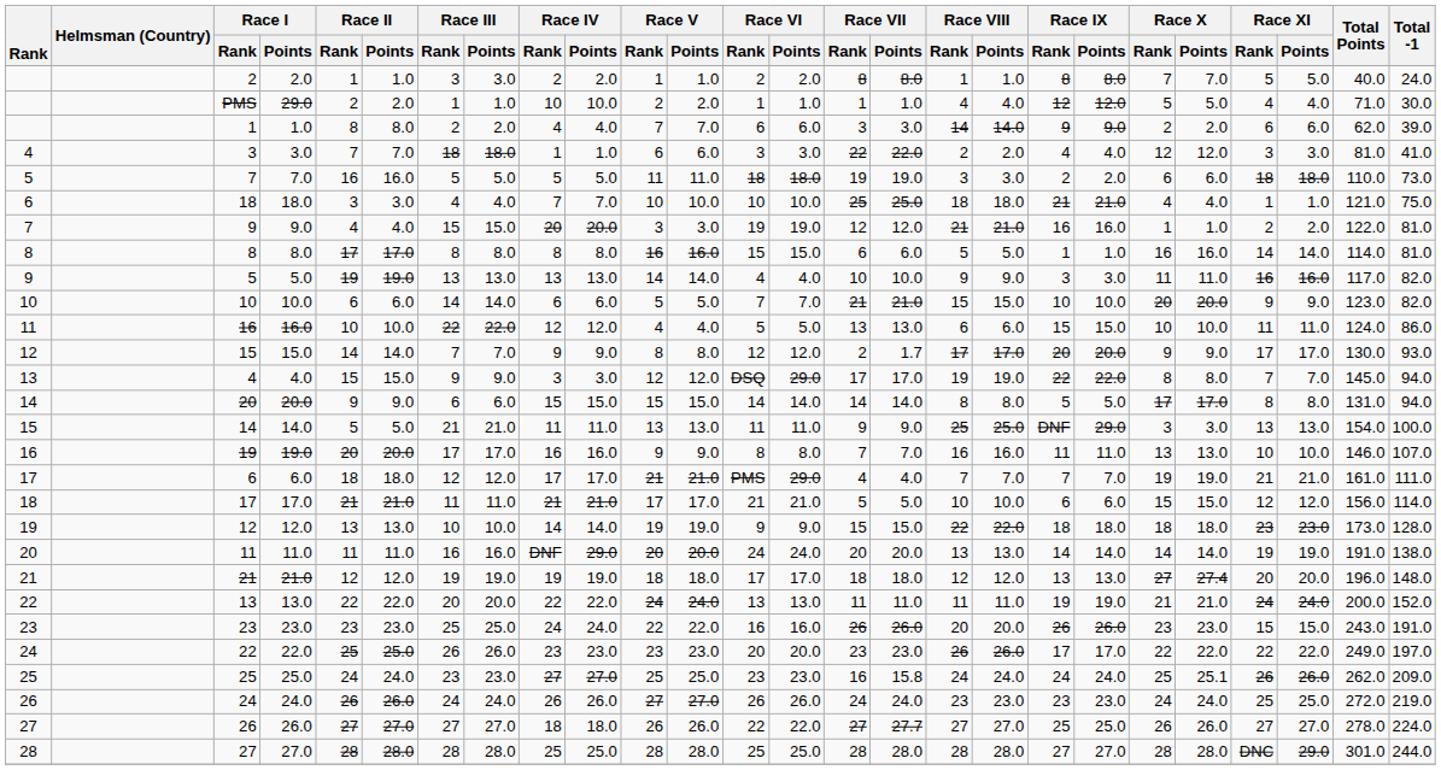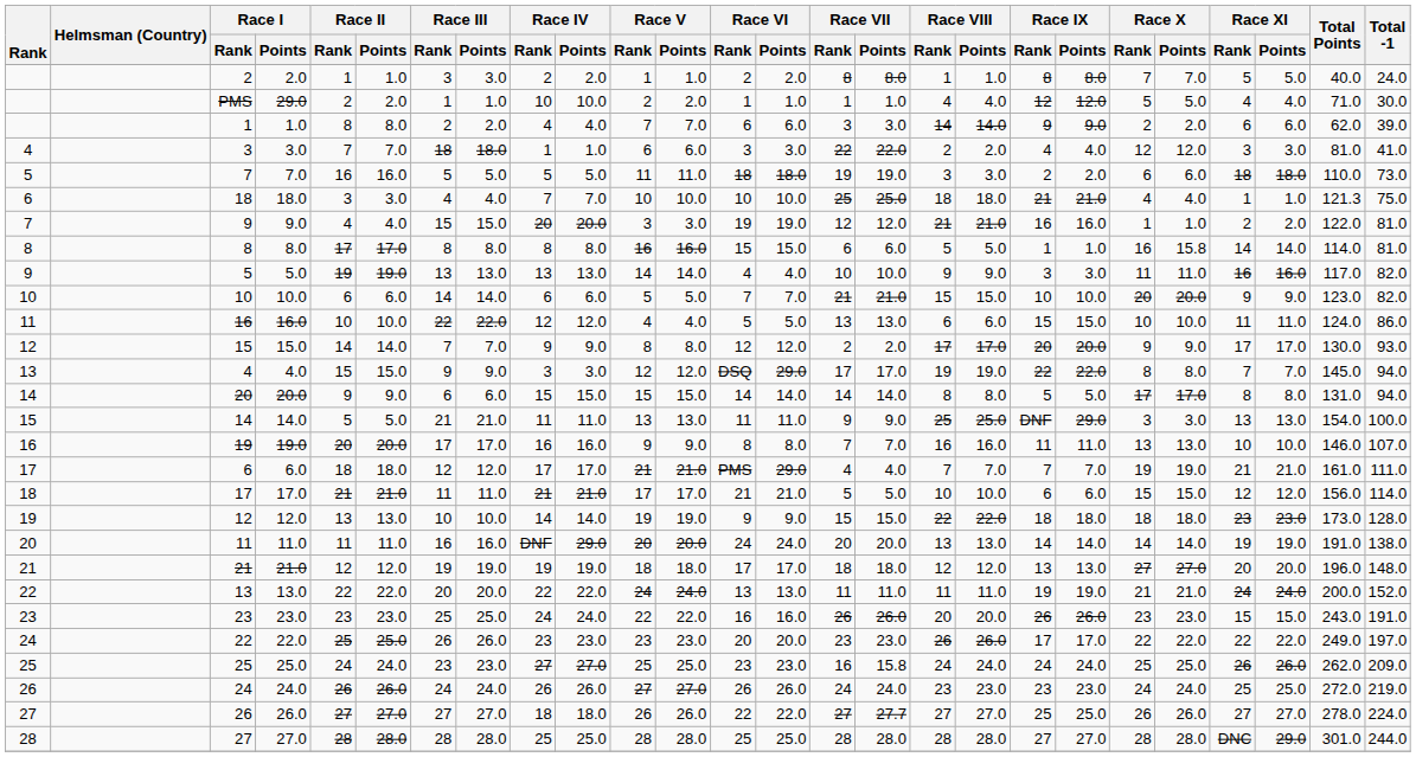 <table class="wikitable" style="text-align:right; font-size:90%">
 <tr>
 <th rowspan="2"> <br> <br>Rank</th>
 <th rowspan="2">Helmsman (Country)</th>
 <th colspan="2">Race I</th>
 <th colspan="2">Race II</th>
 <th colspan="2">Race III</th>
 <th colspan="2">Race IV</th>
 <th colspan="2">Race V</th>
 <th colspan="2">Race VI</th>
 <th colspan="2">Race VII</th>
 <th colspan="2">Race VIII</th>
 <th colspan="2">Race IX</th>
 <th colspan="2">Race X</th>
 <th colspan="2">Race XI</th>
 <th rowspan="2">Total <br>Points <br></th>
 <th rowspan="2">Total<br>-1<br></th>
 </tr>
 <tr>
 <th>Rank</th>
 <th>Points</th>
 <th>Rank</th>
 <th>Points</th>
 <th>Rank</th>
 <th>Points</th>
 <th>Rank</th>
 <th>Points</th>
 <th>Rank</th>
 <th>Points</th>
 <th>Rank</th>
 <th>Points</th>
 <th>Rank</th>
 <th>Points</th>
 <th>Rank</th>
 <th>Points</th>
 <th>Rank</th>
 <th>Points</th>
 <th>Rank</th>
 <th>Points</th>
 <th>Rank</th>
 <th>Points</th>
 </tr>
 <tr style="vertical-align:top;">
 </tr>
 <tr>
 <td align=center></td>
 <td align=left></td>
 <td>2</td>
 <td>2.0</td>
 <td>1</td>
 <td>1.0</td>
 <td>3</td>
 <td>3.0</td>
 <td>2</td>
 <td>2.0</td>
 <td>1</td>
 <td>1.0</td>
 <td>2</td>
 <td>2.0</td>
 <td><s>8</s></td>
 <td><s>8.0</s></td>
 <td>1</td>
 <td>1.0</td>
 <td><s>8</s></td>
 <td><s>8.0</s></td>
 <td>7</td>
 <td>7.0</td>
 <td>5</td>
 <td>5.0</td>
 <td>40.0</td>
 <td>24.0</td>
 </tr>
 <tr>
 <td align=center></td>
 <td align=left></td>
 <td><s>PMS</s></td>
 <td><s>29.0</s></td>
 <td>2</td>
 <td>2.0</td>
 <td>1</td>
 <td>1.0</td>
 <td>10</td>
 <td>10.0</td>
 <td>2</td>
 <td>2.0</td>
 <td>1</td>
 <td>1.0</td>
 <td>1</td>
 <td>1.0</td>
 <td>4</td>
 <td>4.0</td>
 <td><s>12</s></td>
 <td><s>12.0</s></td>
 <td>5</td>
 <td>5.0</td>
 <td>4</td>
 <td>4.0</td>
 <td>71.0</td>
 <td>30.0</td>
 </tr>
 <tr>
 <td align=center></td>
 <td align=left></td>
 <td>1</td>
 <td>1.0</td>
 <td>8</td>
 <td>8.0</td>
 <td>2</td>
 <td>2.0</td>
 <td>4</td>
 <td>4.0</td>
 <td>7</td>
 <td>7.0</td>
 <td>6</td>
 <td>6.0</td>
 <td>3</td>
 <td>3.0</td>
 <td><s>14</s></td>
 <td><s>14.0</s></td>
 <td><s>9</s></td>
 <td><s>9.0</s></td>
 <td>2</td>
 <td>2.0</td>
 <td>6</td>
 <td>6.0</td>
 <td>62.0</td>
 <td>39.0</td>
 </tr>
 <tr>
 <td align=center>4</td>
 <td align=left></td>
 <td>3</td>
 <td>3.0</td>
 <td>7</td>
 <td>7.0</td>
 <td><s>18</s></td>
 <td><s>18.0</s></td>
 <td>1</td>
 <td>1.0</td>
 <td>6</td>
 <td>6.0</td>
 <td>3</td>
 <td>3.0</td>
 <td><s>22</s></td>
 <td><s>22.0</s></td>
 <td>2</td>
 <td>2.0</td>
 <td>4</td>
 <td>4.0</td>
 <td>12</td>
 <td>12.0</td>
 <td>3</td>
 <td>3.0</td>
 <td>81.0</td>
 <td>41.0</td>
 </tr>
 <tr>
 <td align=center>5</td>
 <td align=left></td>
 <td>7</td>
 <td>7.0</td>
 <td>16</td>
 <td>16.0</td>
 <td>5</td>
 <td>5.0</td>
 <td>5</td>
 <td>5.0</td>
 <td>11</td>
 <td>11.0</td>
 <td><s>18</s></td>
 <td><s>18.0</s></td>
 <td>19</td>
 <td>19.0</td>
 <td>3</td>
 <td>3.0</td>
 <td>2</td>
 <td>2.0</td>
 <td>6</td>
 <td>6.0</td>
 <td><s>18</s></td>
 <td><s>18.0</s></td>
 <td>110.0</td>
 <td>73.0</td>
 </tr>
 <tr>
 <td align=center>6</td>
 <td align=left></td>
 <td>18</td>
 <td>18.0</td>
 <td>3</td>
 <td>3.0</td>
 <td>4</td>
 <td>4.0</td>
 <td>7</td>
 <td>7.0</td>
 <td>10</td>
 <td>10.0</td>
 <td>10</td>
 <td>10.0</td>
 <td><s>25</s></td>
 <td><s>25.0</s></td>
 <td>18</td>
 <td>18.0</td>
 <td><s>21</s></td>
 <td><s>21.0</s></td>
 <td>4</td>
 <td>4.0</td>
 <td>1</td>
 <td>1.0</td>
-<td>121.0</td>
+<td>121.3</td>
 <td>75.0</td>
 </tr>
 <tr>
 <td align=center>7</td>
 <td align=left></td>
 <td>9</td>
 <td>9.0</td>
 <td>4</td>
 <td>4.0</td>
 <td>15</td>
 <td>15.0</td>
 <td><s>20</s></td>
 <td><s>20.0</s></td>
 <td>3</td>
 <td>3.0</td>
 <td>19</td>
 <td>19.0</td>
 <td>12</td>
 <td>12.0</td>
 <td><s>21</s></td>
 <td><s>21.0</s></td>
 <td>16</td>
 <td>16.0</td>
 <td>1</td>
 <td>1.0</td>
 <td>2</td>
 <td>2.0</td>
 <td>122.0</td>
 <td>81.0</td>
 </tr>
 <tr>
 <td align=center>8</td>
 <td align=left></td>
 <td>8</td>
 <td>8.0</td>
 <td><s>17</s></td>
 <td><s>17.0</s></td>
 <td>8</td>
 <td>8.0</td>
 <td>8</td>
 <td>8.0</td>
 <td><s>16</s></td>
 <td><s>16.0</s></td>
 <td>15</td>
 <td>15.0</td>
 <td>6</td>
 <td>6.0</td>
 <td>5</td>
 <td>5.0</td>
 <td>1</td>
 <td>1.0</td>
 <td>16</td>
-<td>16.0</td>
+<td>15.8</td>
 <td>14</td>
 <td>14.0</td>
 <td>114.0</td>
 <td>81.0</td>
 </tr>
 <tr>
 <td align=center>9</td>
 <td align=left></td>
 <td>5</td>
 <td>5.0</td>
 <td><s>19</s></td>
 <td><s>19.0</s></td>
 <td>13</td>
 <td>13.0</td>
 <td>13</td>
 <td>13.0</td>
 <td>14</td>
 <td>14.0</td>
 <td>4</td>
 <td>4.0</td>
 <td>10</td>
 <td>10.0</td>
 <td>9</td>
 <td>9.0</td>
 <td>3</td>
 <td>3.0</td>
 <td>11</td>
 <td>11.0</td>
 <td><s>16</s></td>
 <td><s>16.0</s></td>
 <td>117.0</td>
 <td>82.0</td>
 </tr>
 <tr>
 <td align=center>10</td>
 <td align=left></td>
 <td>10</td>
 <td>10.0</td>
 <td>6</td>
 <td>6.0</td>
 <td>14</td>
 <td>14.0</td>
 <td>6</td>
 <td>6.0</td>
 <td>5</td>
 <td>5.0</td>
 <td>7</td>
 <td>7.0</td>
 <td><s>21</s></td>
 <td><s>21.0</s></td>
 <td>15</td>
 <td>15.0</td>
 <td>10</td>
 <td>10.0</td>
 <td><s>20</s></td>
 <td><s>20.0</s></td>
 <td>9</td>
 <td>9.0</td>
 <td>123.0</td>
 <td>82.0</td>
 </tr>
 <tr>
 <td align=center>11</td>
 <td align=left></td>
 <td><s>16</s></td>
 <td><s>16.0</s></td>
 <td>10</td>
 <td>10.0</td>
 <td><s>22</s></td>
 <td><s>22.0</s></td>
 <td>12</td>
 <td>12.0</td>
 <td>4</td>
 <td>4.0</td>
 <td>5</td>
 <td>5.0</td>
 <td>13</td>
 <td>13.0</td>
 <td>6</td>
 <td>6.0</td>
 <td>15</td>
 <td>15.0</td>
 <td>10</td>
 <td>10.0</td>
 <td>11</td>
 <td>11.0</td>
 <td>124.0</td>
 <td>86.0</td>
 </tr>
 <tr>
 <td align=center>12</td>
 <td align=left></td>
 <td>15</td>
 <td>15.0</td>
 <td>14</td>
 <td>14.0</td>
 <td>7</td>
 <td>7.0</td>
 <td>9</td>
 <td>9.0</td>
 <td>8</td>
 <td>8.0</td>
 <td>12</td>
 <td>12.0</td>
 <td>2</td>
-<td>1.7</td>
+<td>2.0</td>
 <td><s>17</s></td>
 <td><s>17.0</s></td>
 <td><s>20</s></td>
 <td><s>20.0</s></td>
 <td>9</td>
 <td>9.0</td>
 <td>17</td>
 <td>17.0</td>
 <td>130.0</td>
 <td>93.0</td>
 </tr>
 <tr>
 <td align=center>13</td>
 <td align=left></td>
 <td>4</td>
 <td>4.0</td>
 <td>15</td>
 <td>15.0</td>
 <td>9</td>
 <td>9.0</td>
 <td>3</td>
 <td>3.0</td>
 <td>12</td>
 <td>12.0</td>
 <td><s>DSQ</s></td>
 <td><s>29.0</s></td>
 <td>17</td>
 <td>17.0</td>
 <td>19</td>
 <td>19.0</td>
 <td><s>22</s></td>
 <td><s>22.0</s></td>
 <td>8</td>
 <td>8.0</td>
 <td>7</td>
 <td>7.0</td>
 <td>145.0</td>
 <td>94.0</td>
 </tr>
 <tr>
 <td align=center>14</td>
 <td align=left></td>
 <td><s>20</s></td>
 <td><s>20.0</s></td>
 <td>9</td>
 <td>9.0</td>
 <td>6</td>
 <td>6.0</td>
 <td>15</td>
 <td>15.0</td>
 <td>15</td>
 <td>15.0</td>
 <td>14</td>
 <td>14.0</td>
 <td>14</td>
 <td>14.0</td>
 <td>8</td>
 <td>8.0</td>
 <td>5</td>
 <td>5.0</td>
 <td><s>17</s></td>
 <td><s>17.0</s></td>
 <td>8</td>
 <td>8.0</td>
 <td>131.0</td>
 <td>94.0</td>
 </tr>
 <tr>
 <td align=center>15</td>
 <td align=left></td>
 <td>14</td>
 <td>14.0</td>
 <td>5</td>
 <td>5.0</td>
 <td>21</td>
 <td>21.0</td>
 <td>11</td>
 <td>11.0</td>
 <td>13</td>
 <td>13.0</td>
 <td>11</td>
 <td>11.0</td>
 <td>9</td>
 <td>9.0</td>
 <td><s>25</s></td>
 <td><s>25.0</s></td>
 <td><s>DNF</s></td>
 <td><s>29.0</s></td>
 <td>3</td>
 <td>3.0</td>
 <td>13</td>
 <td>13.0</td>
 <td>154.0</td>
 <td>100.0</td>
 </tr>
 <tr>
 <td align=center>16</td>
 <td align=left></td>
 <td><s>19</s></td>
 <td><s>19.0</s></td>
 <td><s>20</s></td>
 <td><s>20.0</s></td>
 <td>17</td>
 <td>17.0</td>
 <td>16</td>
 <td>16.0</td>
 <td>9</td>
 <td>9.0</td>
 <td>8</td>
 <td>8.0</td>
 <td>7</td>
 <td>7.0</td>
 <td>16</td>
 <td>16.0</td>
 <td>11</td>
 <td>11.0</td>
 <td>13</td>
 <td>13.0</td>
 <td>10</td>
 <td>10.0</td>
 <td>146.0</td>
 <td>107.0</td>
 </tr>
 <tr>
 <td align=center>17</td>
 <td align=left></td>
 <td>6</td>
 <td>6.0</td>
 <td>18</td>
 <td>18.0</td>
 <td>12</td>
 <td>12.0</td>
 <td>17</td>
 <td>17.0</td>
 <td><s>21</s></td>
 <td><s>21.0</s></td>
 <td><s>PMS</s></td>
 <td><s>29.0</s></td>
 <td>4</td>
 <td>4.0</td>
 <td>7</td>
 <td>7.0</td>
 <td>7</td>
 <td>7.0</td>
 <td>19</td>
 <td>19.0</td>
 <td>21</td>
 <td>21.0</td>
 <td>161.0</td>
 <td>111.0</td>
 </tr>
 <tr>
 <td align=center>18</td>
 <td align=left></td>
 <td>17</td>
 <td>17.0</td>
 <td><s>21</s></td>
 <td><s>21.0</s></td>
 <td>11</td>
 <td>11.0</td>
 <td><s>21</s></td>
 <td><s>21.0</s></td>
 <td>17</td>
 <td>17.0</td>
 <td>21</td>
 <td>21.0</td>
 <td>5</td>
 <td>5.0</td>
 <td>10</td>
 <td>10.0</td>
 <td>6</td>
 <td>6.0</td>
 <td>15</td>
 <td>15.0</td>
 <td>12</td>
 <td>12.0</td>
 <td>156.0</td>
 <td>114.0</td>
 </tr>
 <tr>
 <td align=center>19</td>
 <td align=left></td>
 <td>12</td>
 <td>12.0</td>
 <td>13</td>
 <td>13.0</td>
 <td>10</td>
 <td>10.0</td>
 <td>14</td>
 <td>14.0</td>
 <td>19</td>
 <td>19.0</td>
 <td>9</td>
 <td>9.0</td>
 <td>15</td>
 <td>15.0</td>
 <td><s>22</s></td>
 <td><s>22.0</s></td>
 <td>18</td>
 <td>18.0</td>
 <td>18</td>
 <td>18.0</td>
 <td><s>23</s></td>
 <td><s>23.0</s></td>
 <td>173.0</td>
 <td>128.0</td>
 </tr>
 <tr>
 <td align=center>20</td>
 <td align=left></td>
 <td>11</td>
 <td>11.0</td>
 <td>11</td>
 <td>11.0</td>
 <td>16</td>
 <td>16.0</td>
 <td><s>DNF</s></td>
 <td><s>29.0</s></td>
 <td><s>20</s></td>
 <td><s>20.0</s></td>
 <td>24</td>
 <td>24.0</td>
 <td>20</td>
 <td>20.0</td>
 <td>13</td>
 <td>13.0</td>
 <td>14</td>
 <td>14.0</td>
 <td>14</td>
 <td>14.0</td>
 <td>19</td>
 <td>19.0</td>
 <td>191.0</td>
 <td>138.0</td>
 </tr>
 <tr>
 <td align=center>21</td>
 <td align=left></td>
 <td><s>21</s></td>
 <td><s>21.0</s></td>
 <td>12</td>
 <td>12.0</td>
 <td>19</td>
 <td>19.0</td>
 <td>19</td>
 <td>19.0</td>
 <td>18</td>
 <td>18.0</td>
 <td>17</td>
 <td>17.0</td>
 <td>18</td>
 <td>18.0</td>
 <td>12</td>
 <td>12.0</td>
 <td>13</td>
 <td>13.0</td>
 <td><s>27</s></td>
-<td><s>27.4</s></td>
+<td><s>27.0</s></td>
 <td>20</td>
 <td>20.0</td>
 <td>196.0</td>
 <td>148.0</td>
 </tr>
 <tr>
 <td align=center>22</td>
 <td align=left></td>
 <td>13</td>
 <td>13.0</td>
 <td>22</td>
 <td>22.0</td>
 <td>20</td>
 <td>20.0</td>
 <td>22</td>
 <td>22.0</td>
 <td><s>24</s></td>
 <td><s>24.0</s></td>
 <td>13</td>
 <td>13.0</td>
 <td>11</td>
 <td>11.0</td>
 <td>11</td>
 <td>11.0</td>
 <td>19</td>
 <td>19.0</td>
 <td>21</td>
 <td>21.0</td>
 <td><s>24</s></td>
 <td><s>24.0</s></td>
 <td>200.0</td>
 <td>152.0</td>
 </tr>
 <tr>
 <td align=center>23</td>
 <td align=left></td>
 <td>23</td>
 <td>23.0</td>
 <td>23</td>
 <td>23.0</td>
 <td>25</td>
 <td>25.0</td>
 <td>24</td>
 <td>24.0</td>
 <td>22</td>
 <td>22.0</td>
 <td>16</td>
 <td>16.0</td>
 <td><s>26</s></td>
 <td><s>26.0</s></td>
 <td>20</td>
 <td>20.0</td>
 <td><s>26</s></td>
 <td><s>26.0</s></td>
 <td>23</td>
 <td>23.0</td>
 <td>15</td>
 <td>15.0</td>
 <td>243.0</td>
 <td>191.0</td>
 </tr>
 <tr>
 <td align=center>24</td>
 <td align=left></td>
 <td>22</td>
 <td>22.0</td>
 <td><s>25</s></td>
 <td><s>25.0</s></td>
 <td>26</td>
 <td>26.0</td>
 <td>23</td>
 <td>23.0</td>
 <td>23</td>
 <td>23.0</td>
 <td>20</td>
 <td>20.0</td>
 <td>23</td>
 <td>23.0</td>
 <td><s>26</s></td>
 <td><s>26.0</s></td>
 <td>17</td>
 <td>17.0</td>
 <td>22</td>
 <td>22.0</td>
 <td>22</td>
 <td>22.0</td>
 <td>249.0</td>
 <td>197.0</td>
 </tr>
 <tr>
 <td align=center>25</td>
 <td align=left></td>
 <td>25</td>
 <td>25.0</td>
 <td>24</td>
 <td>24.0</td>
 <td>23</td>
 <td>23.0</td>
 <td><s>27</s></td>
 <td><s>27.0</s></td>
 <td>25</td>
 <td>25.0</td>
 <td>23</td>
 <td>23.0</td>
 <td>16</td>
 <td>15.8</td>
 <td>24</td>
 <td>24.0</td>
 <td>24</td>
 <td>24.0</td>
 <td>25</td>
-<td>25.1</td>
+<td>25.0</td>
 <td><s>26</s></td>
 <td><s>26.0</s></td>
 <td>262.0</td>
 <td>209.0</td>
 </tr>
 <tr>
 <td align=center>26</td>
 <td align=left></td>
 <td>24</td>
 <td>24.0</td>
 <td><s>26</s></td>
 <td><s>26.0</s></td>
 <td>24</td>
 <td>24.0</td>
 <td>26</td>
 <td>26.0</td>
 <td><s>27</s></td>
 <td><s>27.0</s></td>
 <td>26</td>
 <td>26.0</td>
 <td>24</td>
 <td>24.0</td>
 <td>23</td>
 <td>23.0</td>
 <td>23</td>
 <td>23.0</td>
 <td>24</td>
 <td>24.0</td>
 <td>25</td>
 <td>25.0</td>
 <td>272.0</td>
 <td>219.0</td>
 </tr>
 <tr>
 <td align=center>27</td>
 <td align=left></td>
 <td>26</td>
 <td>26.0</td>
 <td><s>27</s></td>
 <td><s>27.0</s></td>
 <td>27</td>
 <td>27.0</td>
 <td>18</td>
 <td>18.0</td>
 <td>26</td>
 <td>26.0</td>
 <td>22</td>
 <td>22.0</td>
 <td><s>27</s></td>
 <td><s>27.7</s></td>
 <td>27</td>
 <td>27.0</td>
 <td>25</td>
 <td>25.0</td>
 <td>26</td>
 <td>26.0</td>
 <td>27</td>
 <td>27.0</td>
 <td>278.0</td>
 <td>224.0</td>
 </tr>
 <tr>
 <td align=center>28</td>
 <td align=left></td>
 <td>27</td>
 <td>27.0</td>
 <td><s>28</s></td>
 <td><s>28.0</s></td>
 <td>28</td>
 <td>28.0</td>
 <td>25</td>
 <td>25.0</td>
 <td>28</td>
 <td>28.0</td>
 <td>25</td>
 <td>25.0</td>
 <td>28</td>
 <td>28.0</td>
 <td>28</td>
 <td>28.0</td>
 <td>27</td>
 <td>27.0</td>
 <td>28</td>
 <td>28.0</td>
 <td><s>DNC</s></td>
 <td><s>29.0</s></td>
 <td>301.0</td>
 <td>244.0</td>
 </tr>
 <tr>
 </tr>
 </table>
